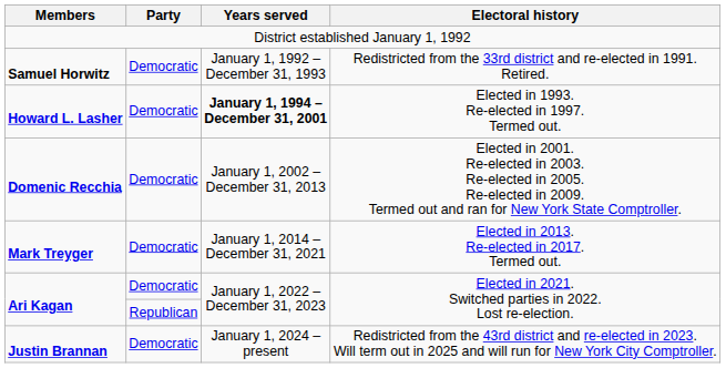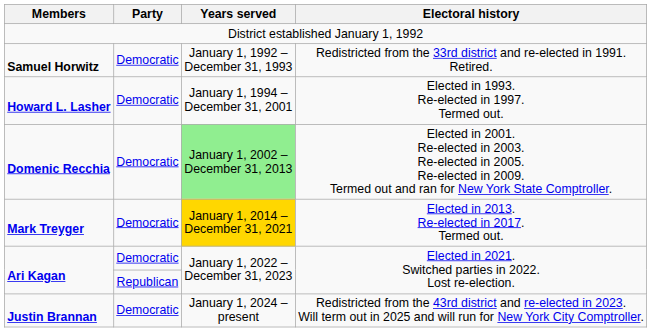 <table class=wikitable style="text-align:center">
 <tr>
 <th>Members</th>
 <th>Party</th>
 <th>Years served</th>
 <th>Electoral history</th>
 </tr>
 <tr>
 <td colspan=5>District established January 1, 1992</td>
 </tr>
 <tr>
 <td align=left><br><strong>Samuel Horwitz</strong><br></td>
 <td><a href='#'>Democratic</a></td>
 <td>January 1, 1992 – <br> December 31, 1993</td>
 <td>Redistricted from the <a href='#'>33rd district</a> and re-elected in 1991. <br> Retired.</td>
 </tr>
 <tr>
 <td align=left><br><strong><a href='#'>Howard L. Lasher</a></strong><br></td>
 <td><a href='#'>Democratic</a></td>
-<td><strong>January 1, 1994 – <br> December 31, 2001</strong></td>
+<td>January 1, 1994 – <br> December 31, 2001</td>
 <td>Elected in 1993. <br> Re-elected in 1997. <br> Termed out.</td>
 </tr>
 <tr>
 <td align=left><br><strong><a href='#'>Domenic Recchia</a></strong><br></td>
 <td><a href='#'>Democratic</a></td>
-<td>January 1, 2002 – <br> December 31, 2013</td>
+<td style="background: lightgreen;">January 1, 2002 – <br> December 31, 2013</td>
 <td>Elected in 2001. <br> Re-elected in 2003. <br> Re-elected in 2005. <br> Re-elected in 2009. <br> Termed out and ran for <a href='#'>New York State Comptroller</a>.</td>
 </tr>
 <tr>
 <td align=left><br><strong><a href='#'>Mark Treyger</a></strong><br></td>
 <td><a href='#'>Democratic</a></td>
-<td>January 1, 2014 – <br> December 31, 2021</td>
+<td style="background: gold;">January 1, 2014 – <br> December 31, 2021</td>
 <td><a href='#'>Elected in 2013</a>. <br> <a href='#'>Re-elected in 2017</a>. <br> Termed out.</td>
 </tr>
 <tr>
 <td rowspan=2 align=left><br><strong><a href='#'>Ari Kagan</a></strong><br></td>
 <td><a href='#'>Democratic</a></td>
 <td rowspan=2>January 1, 2022 – <br> December 31, 2023</td>
 <td rowspan=2><a href='#'>Elected in 2021</a>. <br> Switched parties in 2022. <br> Lost re-election.</td>
 </tr>
 <tr>
 <td><a href='#'>Republican</a></td>
 </tr>
 <tr>
 <td align=left><br><strong><a href='#'>Justin Brannan</a></strong><br></td>
 <td><a href='#'>Democratic</a></td>
 <td>January 1, 2024 – <br> present</td>
 <td>Redistricted from the <a href='#'>43rd district</a> and <a href='#'>re-elected in 2023</a>.<br>Will term out in 2025 and will run for <a href='#'>New York City Comptroller</a>.</td>
 </tr>
 </table>
